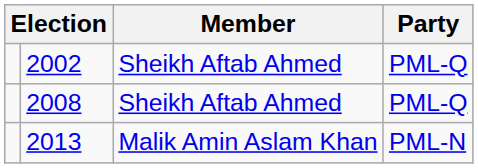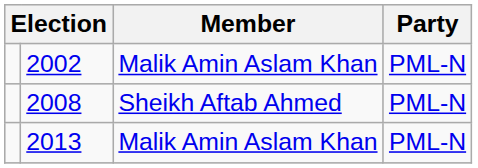 <table class="wikitable">
 <tr>
 <th colspan="2">Election</th>
 <th>Member</th>
 <th>Party</th>
 </tr>
 <tr>
 <td style="background-color: "></td>
 <td><a href='#'>2002</a></td>
-<td><a href='#'>Sheikh Aftab Ahmed</a></td>
-<td><a href='#'>PML-Q</a></td>
+<td><a href='#'>Malik Amin Aslam Khan</a></td>
+<td><a href='#'>PML-N</a></td>
 </tr>
 <tr>
 <td style="background-color: "></td>
 <td><a href='#'>2008</a></td>
 <td><a href='#'>Sheikh Aftab Ahmed</a></td>
-<td><a href='#'>PML-Q</a></td>
+<td><a href='#'>PML-N</a></td>
 </tr>
 <tr>
 <td style="background-color: "></td>
 <td><a href='#'>2013</a></td>
 <td><a href='#'>Malik Amin Aslam Khan</a></td>
 <td><a href='#'>PML-N</a></td>
 </tr>
 </table>
